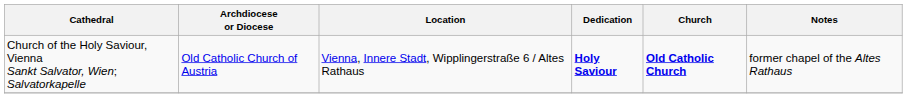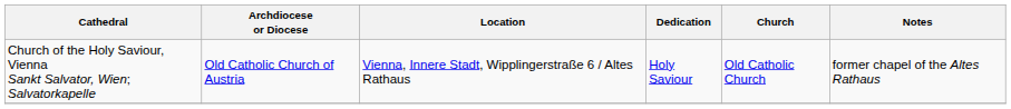 <table class="wikitable sortable">
 <tr>
 <th><small>Cathedral</small></th>
 <th><small>Archdiocese<br>or Diocese</small></th>
 <th><small>Location</small></th>
 <th><small>Dedication</small></th>
 <th><small>Church</small></th>
 <th><small>Notes</small></th>
 </tr>
 <tr>
 <td>Church of the Holy Saviour, Vienna<br><em>Sankt Salvator, Wien</em>; <em>Salvatorkapelle</em></td>
 <td><a href='#'>Old Catholic Church of Austria</a></td>
 <td><a href='#'>Vienna</a>, <a href='#'>Innere Stadt</a>, Wipplingerstraße 6 / Altes Rathaus</td>
-<td><strong><a href='#'>Holy Saviour</a></strong></td>
-<td><strong><a href='#'>Old Catholic Church</a></strong></td>
+<td><a href='#'>Holy Saviour</a></td>
+<td><a href='#'>Old Catholic Church</a></td>
 <td>former chapel of the <em>Altes Rathaus</em></td>
 </tr>
 <tr>
 </tr>
 </table>
